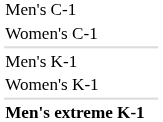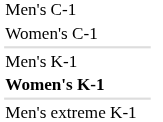 <table>
 <tr>
 <td>Men's C-1<br></td>
 <td></td>
 <td></td>
 <td></td>
 </tr>
 <tr>
 <td>Women's C-1<br></td>
 <td></td>
 <td></td>
 <td></td>
 </tr>
 <tr bgcolor=#DDDDDD>
 <td colspan=7></td>
 </tr>
 <tr>
 <td>Men's K-1<br></td>
 <td></td>
 <td></td>
 <td></td>
 </tr>
 <tr>
-<td>Women's K-1<br></td>
+<td><strong>Women's K-1<br></strong></td>
 <td></td>
 <td></td>
 <td></td>
 </tr>
 <tr bgcolor=#DDDDDD>
 <td colspan=7></td>
 </tr>
 <tr>
-<td><strong>Men's extreme K-1<br></strong></td>
+<td>Men's extreme K-1<br></td>
 <td></td>
 <td></td>
 <td></td>
 </tr>
 <tr>
 <td><br></td>
 <td></td>
 <td></td>
 <td></td>
 </tr>
 </table>
